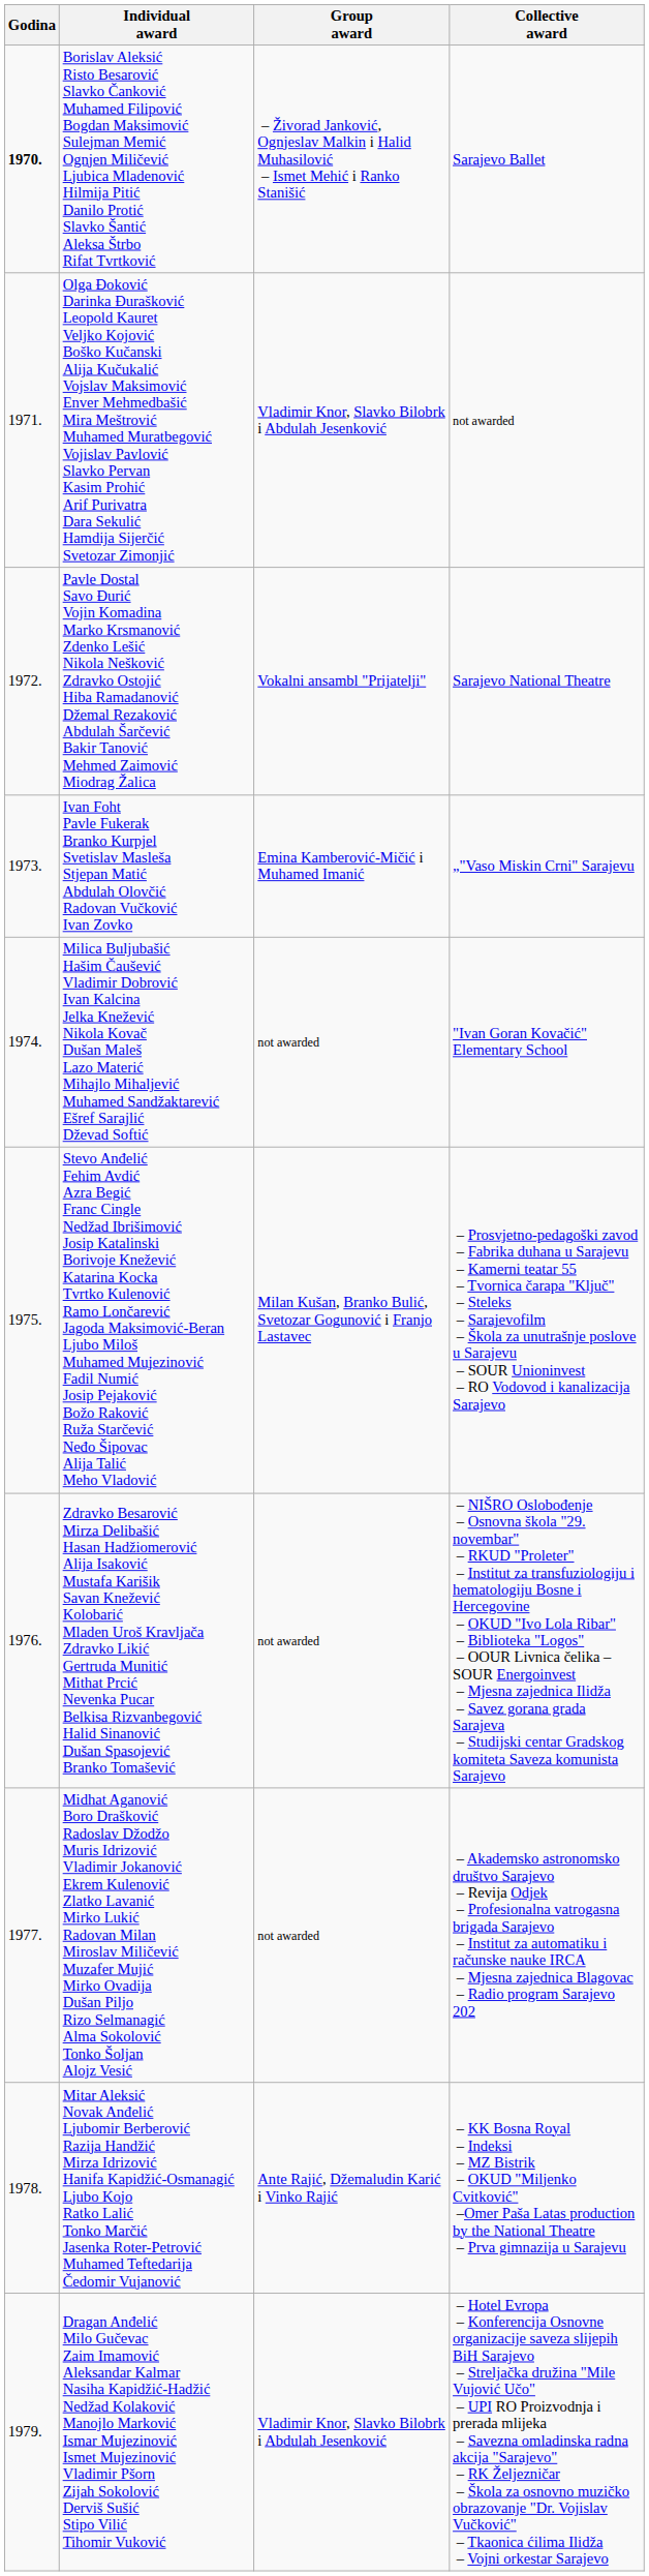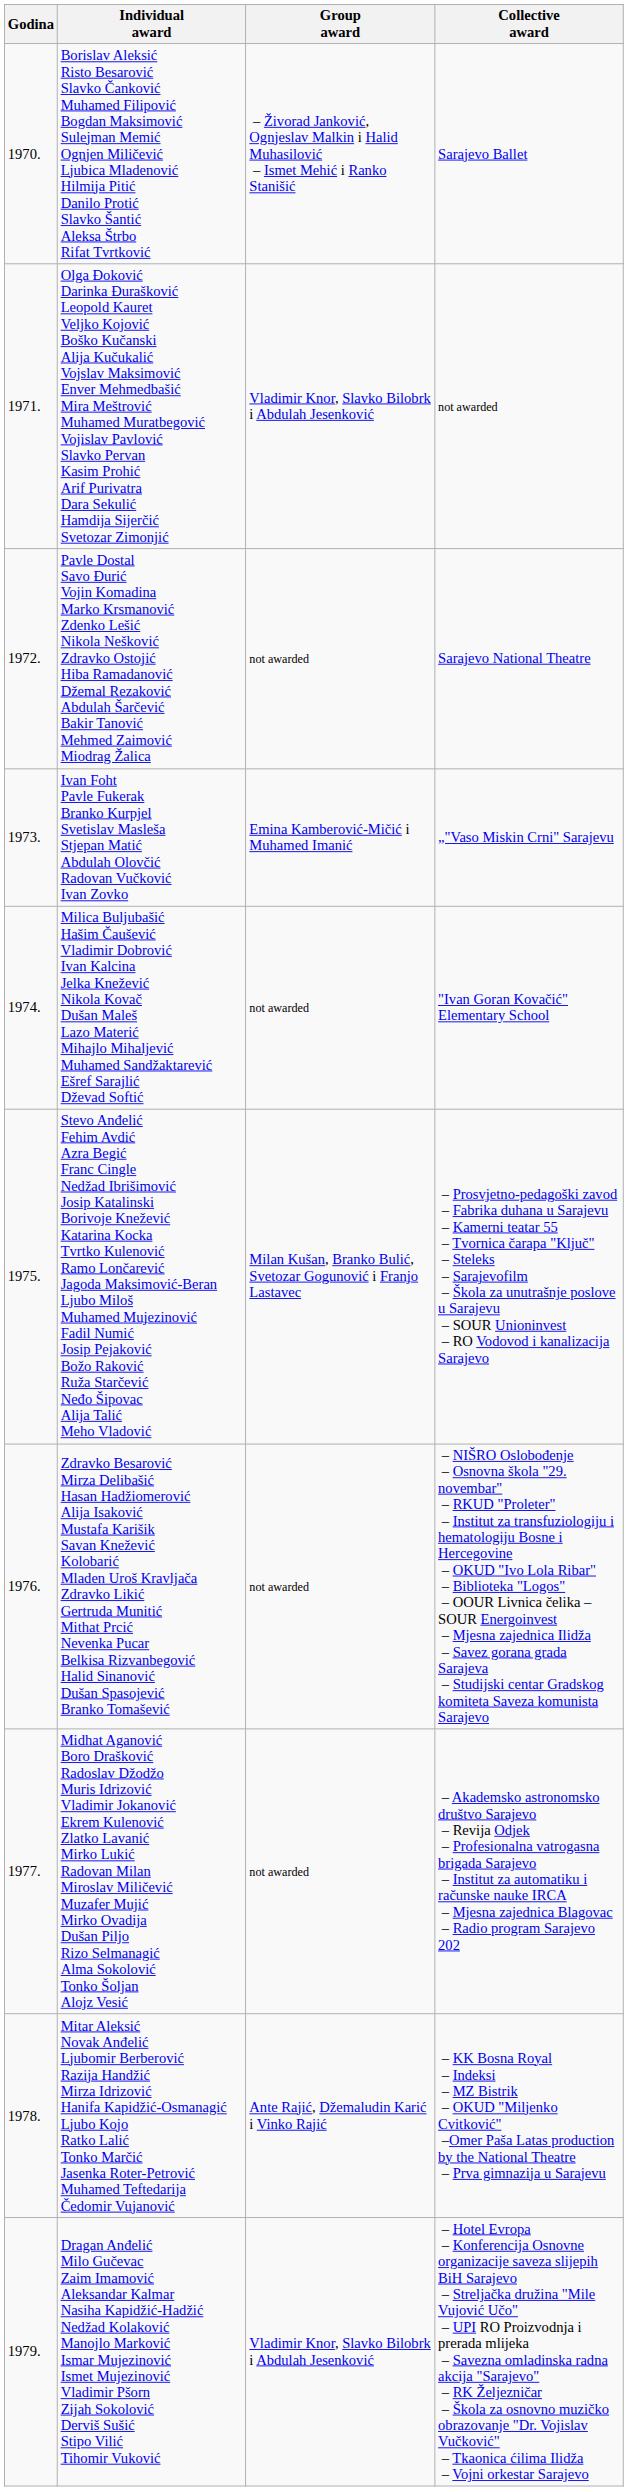 <table class="wikitable">
 <tr>
 <th width="50">Godina</th>
 <th width="200">Individual<br>award</th>
 <th width="200">Group<br>award</th>
 <th width="200">Collective<br>award</th>
 </tr>
 <tr>
-<td><strong>1970.</strong></td>
+<td>1970.</td>
 <td><a href='#'>Borislav Aleksić</a><br><a href='#'>Risto Besarović</a><br><a href='#'>Slavko Čanković</a><br><a href='#'>Muhamed Filipović</a><br><a href='#'>Bogdan Maksimović</a><br><a href='#'>Sulejman Memić</a><br><a href='#'>Ognjen Miličević</a><br><a href='#'>Ljubica Mladenović</a><br><a href='#'>Hilmija Pitić</a><br><a href='#'>Danilo Protić</a><br><a href='#'>Slavko Šantić</a><br><a href='#'>Aleksa Štrbo</a><br><a href='#'>Rifat Tvrtković</a></td>
 <td> – <a href='#'>Živorad Janković</a>, <a href='#'>Ognjeslav Malkin</a> i <a href='#'>Halid Muhasilović</a><br> – <a href='#'>Ismet Mehić</a> i <a href='#'>Ranko Stanišić</a></td>
 <td><a href='#'>Sarajevo Ballet</a></td>
 </tr>
 <tr>
 <td>1971.</td>
 <td><a href='#'>Olga Đoković</a><br><a href='#'>Darinka Đurašković</a><br><a href='#'>Leopold Kauret</a><br><a href='#'>Veljko Kojović</a><br><a href='#'>Boško Kučanski</a><br><a href='#'>Alija Kučukalić</a><br><a href='#'>Vojslav Maksimović</a><br><a href='#'>Enver Mehmedbašić</a><br><a href='#'>Mira Meštrović</a><br><a href='#'>Muhamed Muratbegović</a><br><a href='#'>Vojislav Pavlović</a><br><a href='#'>Slavko Pervan</a><br><a href='#'>Kasim Prohić</a><br><a href='#'>Arif Purivatra</a><br><a href='#'>Dara Sekulić</a><br><a href='#'>Hamdija Sijerčić</a><br><a href='#'>Svetozar Zimonjić</a></td>
 <td><a href='#'>Vladimir Knor</a>, <a href='#'>Slavko Bilobrk</a> i <a href='#'>Abdulah Jesenković</a></td>
 <td><small> not awarded </small></td>
 </tr>
 <tr>
 <td>1972.</td>
 <td><a href='#'>Pavle Dostal</a><br><a href='#'>Savo Đurić</a><br><a href='#'>Vojin Komadina</a><br><a href='#'>Marko Krsmanović</a><br><a href='#'>Zdenko Lešić</a><br><a href='#'>Nikola Nešković</a><br><a href='#'>Zdravko Ostojić</a><br><a href='#'>Hiba Ramadanović</a><br><a href='#'>Džemal Rezaković</a><br><a href='#'>Abdulah Šarčević</a><br><a href='#'>Bakir Tanović</a><br><a href='#'>Mehmed Zaimović</a><br><a href='#'>Miodrag Žalica</a></td>
-<td><a href='#'>Vokalni ansambl "Prijatelji"</a></td>
+<td><small> not awarded </small></td>
 <td><a href='#'>Sarajevo National Theatre</a></td>
 </tr>
 <tr>
 <td>1973.</td>
 <td><a href='#'>Ivan Foht</a><br><a href='#'>Pavle Fukerak</a><br><a href='#'>Branko Kurpjel</a><br><a href='#'>Svetislav Masleša</a><br><a href='#'>Stjepan Matić</a><br><a href='#'>Abdulah Olovčić</a><br><a href='#'>Radovan Vučković</a><br><a href='#'>Ivan Zovko</a></td>
 <td><a href='#'>Emina Kamberović-Mičić</a> i <a href='#'>Muhamed Imanić</a></td>
 <td><a href='#'>„"Vaso Miskin Crni" Sarajevu</a></td>
 </tr>
 <tr>
 <td>1974.</td>
 <td><a href='#'>Milica Buljubašić</a><br><a href='#'>Hašim Čaušević</a><br><a href='#'>Vladimir Dobrović</a><br><a href='#'>Ivan Kalcina</a><br><a href='#'>Jelka Knežević</a><br><a href='#'>Nikola Kovač</a><br><a href='#'>Dušan Maleš</a><br><a href='#'>Lazo Materić</a><br><a href='#'>Mihajlo Mihaljević</a><br><a href='#'>Muhamed Sandžaktarević</a><br><a href='#'>Ešref Sarajlić</a><br><a href='#'>Dževad Softić</a></td>
 <td><small> not awarded </small></td>
 <td><a href='#'>"Ivan Goran Kovačić" Elementary School</a></td>
 </tr>
 <tr>
 <td>1975.</td>
 <td><a href='#'>Stevo Anđelić</a><br><a href='#'>Fehim Avdić</a><br><a href='#'>Azra Begić</a><br><a href='#'>Franc Cingle</a><br><a href='#'>Nedžad Ibrišimović</a><br><a href='#'>Josip Katalinski</a><br><a href='#'>Borivoje Knežević</a><br><a href='#'>Katarina Kocka</a><br><a href='#'>Tvrtko Kulenović</a><br><a href='#'>Ramo Lončarević</a><br><a href='#'>Jagoda Maksimović-Beran</a><br><a href='#'>Ljubo Miloš</a><br><a href='#'>Muhamed Mujezinović</a><br><a href='#'>Fadil Numić</a><br><a href='#'>Josip Pejaković</a><br><a href='#'>Božo Raković</a><br><a href='#'>Ruža Starčević</a><br><a href='#'>Neđo Šipovac</a><br><a href='#'>Alija Talić</a><br><a href='#'>Meho Vladović</a></td>
 <td><a href='#'>Milan Kušan</a>, <a href='#'>Branko Bulić</a>, <a href='#'>Svetozar Gogunović</a> i <a href='#'>Franjo Lastavec</a></td>
 <td> – <a href='#'>Prosvjetno-pedagoški zavod</a><br> – <a href='#'>Fabrika duhana u Sarajevu</a><br> – <a href='#'>Kamerni teatar 55</a><br> – <a href='#'>Tvornica čarapa "Ključ"</a><br> – <a href='#'>Steleks</a><br> – <a href='#'>Sarajevofilm</a><br> – <a href='#'>Škola za unutrašnje poslove u Sarajevu</a><br> – SOUR <a href='#'>Unioninvest</a><br> – RO <a href='#'>Vodovod i kanalizacija Sarajevo</a></td>
 </tr>
 <tr>
 <td>1976.</td>
 <td><a href='#'>Zdravko Besarović</a><br><a href='#'>Mirza Delibašić</a><br><a href='#'>Hasan Hadžiomerović</a><br><a href='#'>Alija Isaković</a><br><a href='#'>Mustafa Karišik</a><br><a href='#'>Savan Knežević</a><br><a href='#'>Kolobarić</a><br><a href='#'>Mladen Uroš Kravljača</a><br><a href='#'>Zdravko Likić</a><br><a href='#'>Gertruda Munitić</a><br><a href='#'>Mithat Prcić</a><br><a href='#'>Nevenka Pucar</a><br><a href='#'>Belkisa Rizvanbegović</a><br><a href='#'>Halid Sinanović</a><br><a href='#'>Dušan Spasojević</a><br><a href='#'>Branko Tomašević</a></td>
 <td><small> not awarded </small></td>
 <td> – <a href='#'>NIŠRO Oslobođenje</a><br> – <a href='#'>Osnovna škola "29. novembar"</a><br> – <a href='#'>RKUD "Proleter"</a><br> – <a href='#'>Institut za transfuziologiju i hematologiju Bosne i Hercegovine</a><br> – <a href='#'>OKUD "Ivo Lola Ribar"</a><br> – <a href='#'>Biblioteka "Logos"</a><br> – OOUR Livnica čelika – SOUR <a href='#'>Energoinvest</a><br> – <a href='#'>Mjesna zajednica Ilidža</a><br> – <a href='#'>Savez gorana grada Sarajeva</a><br> – <a href='#'>Studijski centar Gradskog komiteta Saveza komunista Sarajevo</a><br></td>
 </tr>
 <tr>
 <td>1977.</td>
 <td><a href='#'>Midhat Aganović</a><br><a href='#'>Boro Drašković</a><br><a href='#'>Radoslav Džodžo</a><br><a href='#'>Muris Idrizović</a><br><a href='#'>Vladimir Jokanović</a><br><a href='#'>Ekrem Kulenović</a><br><a href='#'>Zlatko Lavanić</a><br><a href='#'>Mirko Lukić</a><br><a href='#'>Radovan Milan</a><br><a href='#'>Miroslav Miličević</a><br><a href='#'>Muzafer Mujić</a><br><a href='#'>Mirko Ovadija</a><br><a href='#'>Dušan Piljo</a><br><a href='#'>Rizo Selmanagić</a><br><a href='#'>Alma Sokolović</a><br><a href='#'>Tonko Šoljan</a><br><a href='#'>Alojz Vesić</a></td>
 <td><small> not awarded </small></td>
 <td> – <a href='#'>Akademsko astronomsko društvo Sarajevo</a><br> – Revija <a href='#'>Odjek</a><br> – <a href='#'>Profesionalna vatrogasna brigada Sarajevo</a><br> – <a href='#'>Institut za automatiku i računske nauke IRCA</a><br> – <a href='#'>Mjesna zajednica Blagovac</a><br> – <a href='#'>Radio program Sarajevo 202</a></td>
 </tr>
 <tr>
 <td>1978.</td>
 <td><a href='#'>Mitar Aleksić</a><br><a href='#'>Novak Anđelić</a><br><a href='#'>Ljubomir Berberović</a><br><a href='#'>Razija Handžić</a><br><a href='#'>Mirza Idrizović</a><br><a href='#'>Hanifa Kapidžić-Osmanagić</a><br><a href='#'>Ljubo Kojo</a><br><a href='#'>Ratko Lalić</a><br><a href='#'>Tonko Marčić</a><br><a href='#'>Jasenka Roter-Petrović</a><br><a href='#'>Muhamed Teftedarija</a><br><a href='#'>Čedomir Vujanović</a></td>
 <td><a href='#'>Ante Rajić</a>, <a href='#'>Džemaludin Karić</a> i <a href='#'>Vinko Rajić</a></td>
 <td> – <a href='#'>KK Bosna Royal</a><br> – <a href='#'>Indeksi</a><br> – <a href='#'>MZ Bistrik</a><br> – <a href='#'>OKUD "Miljenko Cvitković"</a><br> –<a href='#'>Omer Paša Latas production by the National Theatre</a><br> – <a href='#'>Prva gimnazija u Sarajevu</a></td>
 </tr>
 <tr>
 <td>1979.</td>
 <td><a href='#'>Dragan Anđelić</a><br><a href='#'>Milo Gučevac</a><br><a href='#'>Zaim Imamović</a><br><a href='#'>Aleksandar Kalmar</a><br><a href='#'>Nasiha Kapidžić-Hadžić</a><br><a href='#'>Nedžad Kolaković</a><br><a href='#'>Manojlo Marković</a><br><a href='#'>Ismar Mujezinović</a><br><a href='#'>Ismet Mujezinović</a><br><a href='#'>Vladimir Pšorn</a><br><a href='#'>Zijah Sokolović</a><br><a href='#'>Derviš Sušić</a><br><a href='#'>Stipo Vilić</a><br><a href='#'>Tihomir Vuković</a></td>
 <td><a href='#'>Vladimir Knor</a>, <a href='#'>Slavko Bilobrk</a> i <a href='#'>Abdulah Jesenković</a></td>
 <td> – <a href='#'>Hotel Evropa</a><br> – <a href='#'>Konferencija Osnovne organizacije saveza slijepih BiH Sarajevo</a><br> – <a href='#'>Streljačka družina "Mile Vujović Učo"</a><br> – <a href='#'>UPI</a> RO Proizvodnja i prerada mlijeka<br> – <a href='#'>Savezna omladinska radna akcija "Sarajevo"</a><br> – <a href='#'>RK Željezničar</a><br> – <a href='#'>Škola za osnovno muzičko obrazovanje "Dr. Vojislav Vučković"</a><br> – <a href='#'>Tkaonica ćilima Ilidža</a><br> – <a href='#'>Vojni orkestar Sarajevo</a></td>
 </tr>
 </table>
